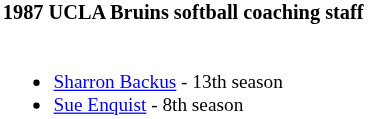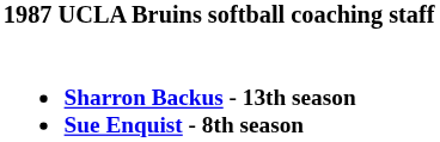 <table class="toccolours">
 <tr>
 <th colspan=9>1987 UCLA Bruins softball coaching staff</th>
 </tr>
 <tr>
-<td style="text-align: left; font-size: 95%;" valign="top"><br><ul><li><a href='#'>Sharron Backus</a> - 13th season</li><li><a href='#'>Sue Enquist</a> - 8th season</li></ul></td>
+<td style="text-align: left; font-size: 95%;" valign="top"><strong><br><ul><li><a href='#'>Sharron Backus</a> - 13th season</li><li><a href='#'>Sue Enquist</a> - 8th season</li></ul></strong></td>
 </tr>
 </table>
